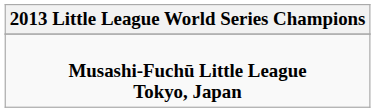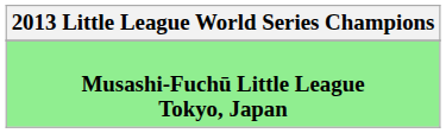 <table class="wikitable" style="text-align: center; margin: 0 auto;">
 <tr>
 <th>2013 Little League World Series Champions</th>
 </tr>
 <tr>
 </tr>
 <tr>
-<td><br><strong>Musashi-Fuchū Little League</strong><br><strong>Tokyo, Japan</strong></td>
+<td style="background: lightgreen;"><br><strong>Musashi-Fuchū Little League</strong><br><strong>Tokyo, Japan</strong></td>
 </tr>
 </table>
